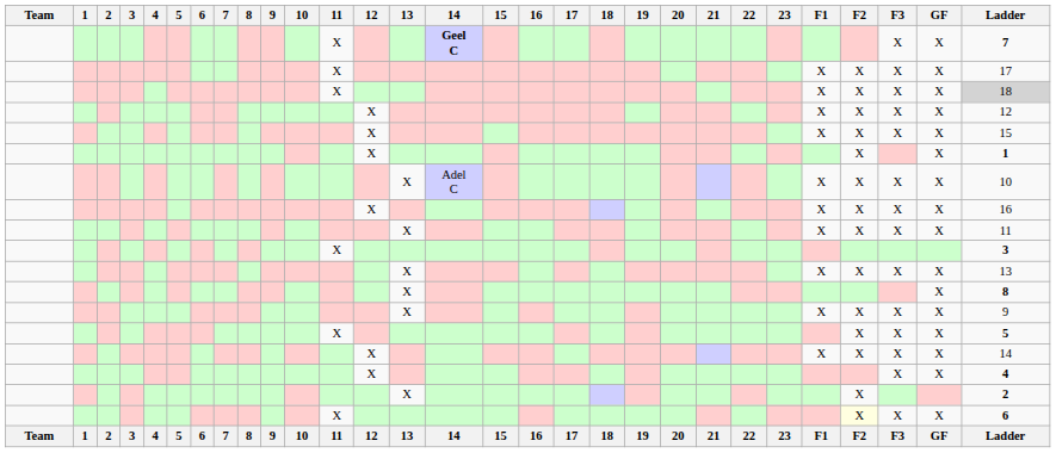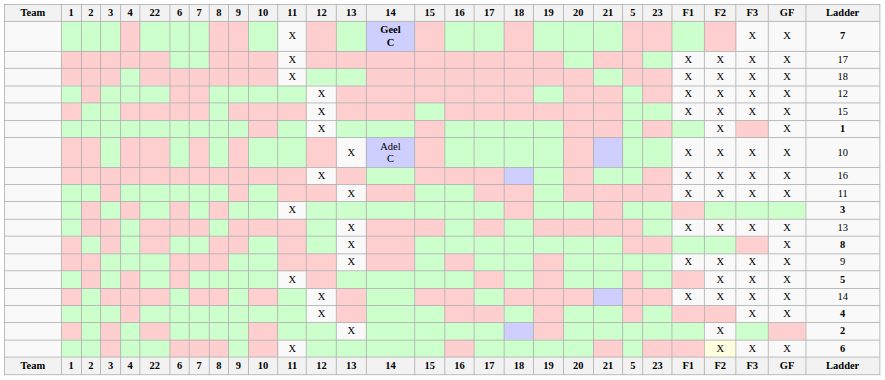 <table class="wikitable sortable" style="font-size:85%; text-align:center; width:90%">
 <tr style="vertical-align:top;">
 <th style="vertical-align:middle;">Team</th>
 <th>1</th>
 <th>2</th>
 <th>3</th>
 <th>4</th>
-<th>5</th>
+<th>22</th>
 <th>6</th>
 <th>7</th>
 <th>8</th>
 <th>9</th>
 <th>10</th>
 <th>11</th>
 <th>12</th>
 <th>13</th>
 <th>14</th>
 <th>15</th>
 <th>16</th>
 <th>17</th>
 <th>18</th>
 <th>19</th>
 <th>20</th>
 <th>21</th>
-<th>22</th>
+<th>5</th>
 <th>23</th>
 <th>F1</th>
 <th>F2</th>
 <th>F3</th>
 <th>GF</th>
 <th style="vertical-align:middle;">Ladder</th>
 </tr>
 <tr>
 <td style="text-align:left;"></td>
 <td style="background:#cfc;"></td>
 <td style="background:#cfc;"></td>
 <td style="background:#cfc;"></td>
 <td style="background:#FFCFCF;"></td>
-<td style="background:#FFCFCF;"></td>
+<td style="background:#cfc;"></td>
 <td style="background:#cfc;"></td>
 <td style="background:#cfc;"></td>
 <td style="background:#FFCFCF;"></td>
 <td style="background:#FFCFCF;"></td>
 <td style="background:#cfc;"></td>
 <td>X</td>
 <td style="background:#FFCFCF;"></td>
 <td style="background:#cfc;"></td>
 <td style="background:#CFCFFF;"><strong>Geel<br>C</strong></td>
 <td style="background:#FFCFCF;"></td>
 <td style="background:#cfc;"></td>
 <td style="background:#cfc;"></td>
 <td style="background:#FFCFCF;"></td>
 <td style="background:#cfc;"></td>
 <td style="background:#cfc;"></td>
 <td style="background:#cfc;"></td>
-<td style="background:#cfc;"></td>
+<td style="background:#FFCFCF;"></td>
 <td style="background:#FFCFCF;"></td>
 <td style="background:#cfc;"></td>
 <td style="background:#FFCFCF;"></td>
 <td>X</td>
 <td>X</td>
 <td style="text-align:center;"><strong>7</strong></td>
 </tr>
 <tr>
 <td style="text-align:left;"></td>
 <td style="background:#FFCFCF;"></td>
 <td style="background:#FFCFCF;"></td>
 <td style="background:#FFCFCF;"></td>
 <td style="background:#FFCFCF;"></td>
 <td style="background:#FFCFCF;"></td>
 <td style="background:#cfc;"></td>
 <td style="background:#cfc;"></td>
 <td style="background:#FFCFCF;"></td>
 <td style="background:#FFCFCF;"></td>
 <td style="background:#FFCFCF;"></td>
 <td>X</td>
 <td style="background:#FFCFCF;"></td>
 <td style="background:#FFCFCF;"></td>
 <td style="background:#FFCFCF;"></td>
 <td style="background:#FFCFCF;"></td>
 <td style="background:#FFCFCF;"></td>
 <td style="background:#FFCFCF;"></td>
 <td style="background:#FFCFCF;"></td>
 <td style="background:#FFCFCF;"></td>
 <td style="background:#cfc;"></td>
 <td style="background:#FFCFCF;"></td>
 <td style="background:#FFCFCF;"></td>
 <td style="background:#cfc;"></td>
 <td>X</td>
 <td>X</td>
 <td>X</td>
 <td>X</td>
 <td style="text-align:center;">17</td>
 </tr>
 <tr>
 <td style="text-align:left;"></td>
 <td style="background:#FFCFCF;"></td>
 <td style="background:#FFCFCF;"></td>
 <td style="background:#FFCFCF;"></td>
 <td style="background:#cfc;"></td>
 <td style="background:#FFCFCF;"></td>
 <td style="background:#FFCFCF;"></td>
 <td style="background:#FFCFCF;"></td>
 <td style="background:#FFCFCF;"></td>
 <td style="background:#FFCFCF;"></td>
 <td style="background:#FFCFCF;"></td>
 <td>X</td>
 <td style="background:#cfc;"></td>
 <td style="background:#cfc;"></td>
 <td style="background:#FFCFCF;"></td>
 <td style="background:#FFCFCF;"></td>
 <td style="background:#FFCFCF;"></td>
 <td style="background:#FFCFCF;"></td>
 <td style="background:#FFCFCF;"></td>
 <td style="background:#FFCFCF;"></td>
 <td style="background:#FFCFCF;"></td>
 <td style="background:#cfc;"></td>
 <td style="background:#FFCFCF;"></td>
 <td style="background:#FFCFCF;"></td>
 <td>X</td>
 <td>X</td>
 <td>X</td>
 <td>X</td>
-<td style="background: lightgrey; text-align:center;">18</td>
+<td style="text-align:center;">18</td>
 </tr>
 <tr>
 <td style="text-align:left;"></td>
 <td style="background:#cfc;"></td>
 <td style="background:#FFCFCF;"></td>
 <td style="background:#cfc;"></td>
 <td style="background:#cfc;"></td>
 <td style="background:#cfc;"></td>
 <td style="background:#FFCFCF;"></td>
 <td style="background:#FFCFCF;"></td>
 <td style="background:#cfc;"></td>
 <td style="background:#cfc;"></td>
 <td style="background:#cfc;"></td>
 <td style="background:#cfc;"></td>
 <td>X</td>
 <td style="background:#FFCFCF;"></td>
 <td style="background:#FFCFCF;"></td>
 <td style="background:#FFCFCF;"></td>
 <td style="background:#FFCFCF;"></td>
 <td style="background:#FFCFCF;"></td>
 <td style="background:#FFCFCF;"></td>
 <td style="background:#cfc;"></td>
 <td style="background:#FFCFCF;"></td>
 <td style="background:#FFCFCF;"></td>
 <td style="background:#cfc;"></td>
 <td style="background:#FFCFCF;"></td>
 <td>X</td>
 <td>X</td>
 <td>X</td>
 <td>X</td>
 <td style="text-align:center;">12</td>
 </tr>
 <tr>
 <td style="text-align:left;"></td>
 <td style="background:#FFCFCF;"></td>
 <td style="background:#cfc;"></td>
 <td style="background:#cfc;"></td>
 <td style="background:#FFCFCF;"></td>
-<td style="background:#cfc;"></td>
+<td style="background:#FFCFCF;"></td>
 <td style="background:#FFCFCF;"></td>
 <td style="background:#FFCFCF;"></td>
 <td style="background:#cfc;"></td>
 <td style="background:#FFCFCF;"></td>
 <td style="background:#FFCFCF;"></td>
 <td style="background:#FFCFCF;"></td>
 <td>X</td>
 <td style="background:#FFCFCF;"></td>
 <td style="background:#FFCFCF;"></td>
 <td style="background:#cfc;"></td>
 <td style="background:#FFCFCF;"></td>
 <td style="background:#FFCFCF;"></td>
 <td style="background:#FFCFCF;"></td>
 <td style="background:#FFCFCF;"></td>
 <td style="background:#FFCFCF;"></td>
 <td style="background:#FFCFCF;"></td>
-<td style="background:#FFCFCF;"></td>
+<td style="background:#cfc;"></td>
 <td style="background:#cfc;"></td>
 <td>X</td>
 <td>X</td>
 <td>X</td>
 <td>X</td>
 <td style="text-align:center;">15</td>
 </tr>
 <tr>
 <td style="text-align:left;"></td>
 <td style="background:#cfc;"></td>
 <td style="background:#cfc;"></td>
 <td style="background:#cfc;"></td>
 <td style="background:#cfc;"></td>
 <td style="background:#cfc;"></td>
 <td style="background:#cfc;"></td>
 <td style="background:#cfc;"></td>
 <td style="background:#cfc;"></td>
 <td style="background:#cfc;"></td>
 <td style="background:#FFCFCF;"></td>
 <td style="background:#cfc;"></td>
 <td>X</td>
 <td style="background:#cfc;"></td>
 <td style="background:#cfc;"></td>
 <td style="background:#FFCFCF;"></td>
 <td style="background:#cfc;"></td>
 <td style="background:#cfc;"></td>
 <td style="background:#cfc;"></td>
 <td style="background:#cfc;"></td>
 <td style="background:#FFCFCF;"></td>
 <td style="background:#FFCFCF;"></td>
 <td style="background:#cfc;"></td>
 <td style="background:#FFCFCF;"></td>
 <td style="background:#cfc;"></td>
 <td>X</td>
 <td style="background:#FFCFCF;"></td>
 <td>X</td>
 <td style="text-align:center;"><strong>1</strong></td>
 </tr>
 <tr>
 <td style="text-align:left;"></td>
 <td style="background:#FFCFCF;"></td>
 <td style="background:#FFCFCF;"></td>
 <td style="background:#cfc;"></td>
 <td style="background:#FFCFCF;"></td>
-<td style="background:#cfc;"></td>
+<td style="background:#FFCFCF;"></td>
 <td style="background:#cfc;"></td>
 <td style="background:#FFCFCF;"></td>
 <td style="background:#cfc;"></td>
 <td style="background:#FFCFCF;"></td>
 <td style="background:#cfc;"></td>
 <td style="background:#cfc;"></td>
 <td style="background:#FFCFCF;"></td>
 <td>X</td>
 <td style="background:#CFCFFF;">Adel<br>C</td>
 <td style="background:#FFCFCF;"></td>
 <td style="background:#cfc;"></td>
 <td style="background:#cfc;"></td>
 <td style="background:#cfc;"></td>
 <td style="background:#cfc;"></td>
 <td style="background:#FFCFCF;"></td>
 <td style="background:#CFCFFF;"></td>
-<td style="background:#FFCFCF;"></td>
+<td style="background:#cfc;"></td>
 <td style="background:#cfc;"></td>
 <td>X</td>
 <td>X</td>
 <td>X</td>
 <td>X</td>
 <td style="text-align:center;">10</td>
 </tr>
 <tr>
 <td style="text-align:left;"></td>
 <td style="background:#FFCFCF;"></td>
 <td style="background:#FFCFCF;"></td>
 <td style="background:#FFCFCF;"></td>
 <td style="background:#FFCFCF;"></td>
-<td style="background:#cfc;"></td>
+<td style="background:#FFCFCF;"></td>
 <td style="background:#FFCFCF;"></td>
 <td style="background:#FFCFCF;"></td>
 <td style="background:#FFCFCF;"></td>
 <td style="background:#FFCFCF;"></td>
 <td style="background:#FFCFCF;"></td>
 <td style="background:#FFCFCF;"></td>
 <td>X</td>
 <td style="background:#FFCFCF;"></td>
 <td style="background:#cfc;"></td>
 <td style="background:#FFCFCF;"></td>
 <td style="background:#FFCFCF;"></td>
 <td style="background:#FFCFCF;"></td>
 <td style="background:#CFCFFF;"></td>
 <td style="background:#cfc;"></td>
 <td style="background:#FFCFCF;"></td>
 <td style="background:#cfc;"></td>
-<td style="background:#FFCFCF;"></td>
+<td style="background:#cfc;"></td>
 <td style="background:#FFCFCF;"></td>
 <td>X</td>
 <td>X</td>
 <td>X</td>
 <td>X</td>
 <td style="text-align:center;">16</td>
 </tr>
 <tr>
 <td style="text-align:left;"></td>
 <td style="background:#cfc;"></td>
 <td style="background:#cfc;"></td>
 <td style="background:#FFCFCF;"></td>
 <td style="background:#cfc;"></td>
-<td style="background:#FFCFCF;"></td>
+<td style="background:#cfc;"></td>
 <td style="background:#cfc;"></td>
 <td style="background:#cfc;"></td>
 <td style="background:#cfc;"></td>
 <td style="background:#FFCFCF;"></td>
 <td style="background:#cfc;"></td>
 <td style="background:#FFCFCF;"></td>
 <td style="background:#FFCFCF;"></td>
 <td>X</td>
 <td style="background:#FFCFCF;"></td>
 <td style="background:#cfc;"></td>
 <td style="background:#cfc;"></td>
 <td style="background:#FFCFCF;"></td>
 <td style="background:#FFCFCF;"></td>
 <td style="background:#cfc;"></td>
 <td style="background:#FFCFCF;"></td>
 <td style="background:#FFCFCF;"></td>
-<td style="background:#cfc;"></td>
+<td style="background:#FFCFCF;"></td>
 <td style="background:#FFCFCF;"></td>
 <td>X</td>
 <td>X</td>
 <td>X</td>
 <td>X</td>
 <td style="text-align:center;">11</td>
 </tr>
 <tr>
 <td style="text-align:left;"></td>
 <td style="background:#cfc;"></td>
 <td style="background:#FFCFCF;"></td>
 <td style="background:#cfc;"></td>
 <td style="background:#FFCFCF;"></td>
 <td style="background:#cfc;"></td>
 <td style="background:#FFCFCF;"></td>
 <td style="background:#cfc;"></td>
 <td style="background:#FFCFCF;"></td>
 <td style="background:#cfc;"></td>
 <td style="background:#cfc;"></td>
 <td>X</td>
 <td style="background:#cfc;"></td>
 <td style="background:#cfc;"></td>
 <td style="background:#cfc;"></td>
 <td style="background:#cfc;"></td>
 <td style="background:#cfc;"></td>
 <td style="background:#cfc;"></td>
 <td style="background:#FFCFCF;"></td>
 <td style="background:#cfc;"></td>
 <td style="background:#cfc;"></td>
 <td style="background:#FFCFCF;"></td>
 <td style="background:#cfc;"></td>
 <td style="background:#cfc;"></td>
 <td style="background:#FFCFCF;"></td>
 <td style="background:#cfc;"></td>
 <td style="background:#cfc;"></td>
 <td style="background:#cfc;"></td>
 <td style="text-align:center;"><strong>3</strong></td>
 </tr>
 <tr>
 <td style="text-align:left;"></td>
 <td style="background:#cfc;"></td>
 <td style="background:#FFCFCF;"></td>
 <td style="background:#FFCFCF;"></td>
 <td style="background:#cfc;"></td>
 <td style="background:#FFCFCF;"></td>
 <td style="background:#FFCFCF;"></td>
 <td style="background:#FFCFCF;"></td>
 <td style="background:#cfc;"></td>
 <td style="background:#FFCFCF;"></td>
 <td style="background:#FFCFCF;"></td>
 <td style="background:#FFCFCF;"></td>
 <td style="background:#cfc;"></td>
 <td>X</td>
 <td style="background:#FFCFCF;"></td>
 <td style="background:#FFCFCF;"></td>
 <td style="background:#cfc;"></td>
 <td style="background:#FFCFCF;"></td>
 <td style="background:#cfc;"></td>
 <td style="background:#FFCFCF;"></td>
 <td style="background:#FFCFCF;"></td>
 <td style="background:#FFCFCF;"></td>
 <td style="background:#FFCFCF;"></td>
 <td style="background:#cfc;"></td>
 <td>X</td>
 <td>X</td>
 <td>X</td>
 <td>X</td>
 <td style="text-align:center;">13</td>
 </tr>
 <tr>
 <td style="text-align:left;"></td>
 <td style="background:#FFCFCF;"></td>
 <td style="background:#cfc;"></td>
 <td style="background:#FFCFCF;"></td>
 <td style="background:#cfc;"></td>
 <td style="background:#FFCFCF;"></td>
 <td style="background:#cfc;"></td>
 <td style="background:#cfc;"></td>
 <td style="background:#FFCFCF;"></td>
 <td style="background:#FFCFCF;"></td>
 <td style="background:#cfc;"></td>
 <td style="background:#FFCFCF;"></td>
 <td style="background:#cfc;"></td>
 <td>X</td>
 <td style="background:#FFCFCF;"></td>
 <td style="background:#cfc;"></td>
 <td style="background:#cfc;"></td>
 <td style="background:#cfc;"></td>
 <td style="background:#cfc;"></td>
 <td style="background:#cfc;"></td>
 <td style="background:#cfc;"></td>
 <td style="background:#cfc;"></td>
 <td style="background:#FFCFCF;"></td>
 <td style="background:#FFCFCF;"></td>
 <td style="background:#cfc;"></td>
 <td style="background:#cfc;"></td>
 <td style="background:#FFCFCF;"></td>
 <td>X</td>
 <td style="text-align:center;"><strong>8</strong></td>
 </tr>
 <tr>
 <td style="text-align:left;"></td>
 <td style="background:#FFCFCF;"></td>
 <td style="background:#FFCFCF;"></td>
 <td style="background:#cfc;"></td>
 <td style="background:#cfc;"></td>
 <td style="background:#cfc;"></td>
 <td style="background:#FFCFCF;"></td>
 <td style="background:#FFCFCF;"></td>
 <td style="background:#FFCFCF;"></td>
 <td style="background:#cfc;"></td>
 <td style="background:#cfc;"></td>
 <td style="background:#FFCFCF;"></td>
 <td style="background:#FFCFCF;"></td>
 <td>X</td>
 <td style="background:#FFCFCF;"></td>
 <td style="background:#cfc;"></td>
 <td style="background:#FFCFCF;"></td>
 <td style="background:#cfc;"></td>
 <td style="background:#cfc;"></td>
 <td style="background:#FFCFCF;"></td>
 <td style="background:#cfc;"></td>
 <td style="background:#cfc;"></td>
 <td style="background:#cfc;"></td>
 <td style="background:#cfc;"></td>
 <td>X</td>
 <td>X</td>
 <td>X</td>
 <td>X</td>
 <td style="text-align:center;">9</td>
 </tr>
 <tr>
 <td style="text-align:left;"></td>
 <td style="background:#cfc;"></td>
 <td style="background:#FFCFCF;"></td>
 <td style="background:#cfc;"></td>
 <td style="background:#FFCFCF;"></td>
-<td style="background:#FFCFCF;"></td>
+<td style="background:#cfc;"></td>
 <td style="background:#FFCFCF;"></td>
 <td style="background:#cfc;"></td>
 <td style="background:#cfc;"></td>
 <td style="background:#cfc;"></td>
 <td style="background:#cfc;"></td>
 <td>X</td>
 <td style="background:#FFCFCF;"></td>
 <td style="background:#cfc;"></td>
 <td style="background:#cfc;"></td>
 <td style="background:#cfc;"></td>
 <td style="background:#cfc;"></td>
 <td style="background:#FFCFCF;"></td>
 <td style="background:#cfc;"></td>
 <td style="background:#FFCFCF;"></td>
 <td style="background:#cfc;"></td>
 <td style="background:#cfc;"></td>
-<td style="background:#cfc;"></td>
+<td style="background:#FFCFCF;"></td>
 <td style="background:#cfc;"></td>
 <td style="background:#FFCFCF;"></td>
 <td>X</td>
 <td>X</td>
 <td>X</td>
 <td style="text-align:center;"><strong>5</strong></td>
 </tr>
 <tr>
 <td style="text-align:left;"></td>
 <td style="background:#FFCFCF;"></td>
 <td style="background:#cfc;"></td>
 <td style="background:#FFCFCF;"></td>
 <td style="background:#FFCFCF;"></td>
 <td style="background:#FFCFCF;"></td>
 <td style="background:#cfc;"></td>
 <td style="background:#FFCFCF;"></td>
 <td style="background:#FFCFCF;"></td>
 <td style="background:#cfc;"></td>
 <td style="background:#FFCFCF;"></td>
 <td style="background:#cfc;"></td>
 <td>X</td>
 <td style="background:#FFCFCF;"></td>
 <td style="background:#cfc;"></td>
 <td style="background:#FFCFCF;"></td>
 <td style="background:#FFCFCF;"></td>
 <td style="background:#cfc;"></td>
 <td style="background:#FFCFCF;"></td>
 <td style="background:#FFCFCF;"></td>
 <td style="background:#FFCFCF;"></td>
 <td style="background:#CFCFFF;"></td>
 <td style="background:#FFCFCF;"></td>
 <td style="background:#FFCFCF;"></td>
 <td>X</td>
 <td>X</td>
 <td>X</td>
 <td>X</td>
 <td style="text-align:center;">14</td>
 </tr>
 <tr>
 <td style="text-align:left;"></td>
 <td style="background:#cfc;"></td>
 <td style="background:#cfc;"></td>
 <td style="background:#cfc;"></td>
 <td style="background:#FFCFCF;"></td>
-<td style="background:#FFCFCF;"></td>
+<td style="background:#cfc;"></td>
 <td style="background:#cfc;"></td>
 <td style="background:#cfc;"></td>
 <td style="background:#cfc;"></td>
 <td style="background:#cfc;"></td>
 <td style="background:#cfc;"></td>
 <td style="background:#cfc;"></td>
 <td>X</td>
 <td style="background:#FFCFCF;"></td>
 <td style="background:#cfc;"></td>
 <td style="background:#cfc;"></td>
 <td style="background:#FFCFCF;"></td>
 <td style="background:#FFCFCF;"></td>
 <td style="background:#cfc;"></td>
 <td style="background:#FFCFCF;"></td>
 <td style="background:#cfc;"></td>
 <td style="background:#cfc;"></td>
-<td style="background:#cfc;"></td>
+<td style="background:#FFCFCF;"></td>
 <td style="background:#cfc;"></td>
 <td style="background:#FFCFCF;"></td>
 <td style="background:#FFCFCF;"></td>
 <td>X</td>
 <td>X</td>
 <td style="text-align:center;"><strong>4</strong></td>
 </tr>
 <tr>
 <td style="text-align:left;"></td>
 <td style="background:#FFCFCF;"></td>
 <td style="background:#cfc;"></td>
 <td style="background:#FFCFCF;"></td>
 <td style="background:#cfc;"></td>
-<td style="background:#cfc;"></td>
+<td style="background:#FFCFCF;"></td>
 <td style="background:#cfc;"></td>
 <td style="background:#cfc;"></td>
 <td style="background:#cfc;"></td>
 <td style="background:#cfc;"></td>
 <td style="background:#FFCFCF;"></td>
 <td style="background:#cfc;"></td>
 <td style="background:#cfc;"></td>
 <td>X</td>
 <td style="background:#cfc;"></td>
 <td style="background:#cfc;"></td>
 <td style="background:#cfc;"></td>
 <td style="background:#cfc;"></td>
 <td style="background:#CFCFFF;"></td>
 <td style="background:#FFCFCF;"></td>
 <td style="background:#cfc;"></td>
 <td style="background:#cfc;"></td>
-<td style="background:#FFCFCF;"></td>
+<td style="background:#cfc;"></td>
 <td style="background:#cfc;"></td>
 <td style="background:#cfc;"></td>
 <td>X</td>
 <td style="background:#cfc;"></td>
 <td style="background:#FFCFCF;"></td>
 <td style="text-align:center;"><strong>2</strong></td>
 </tr>
 <tr>
 <td style="text-align:left;"></td>
 <td style="background:#cfc;"></td>
 <td style="background:#cfc;"></td>
 <td style="background:#FFCFCF;"></td>
 <td style="background:#cfc;"></td>
 <td style="background:#cfc;"></td>
 <td style="background:#FFCFCF;"></td>
 <td style="background:#FFCFCF;"></td>
 <td style="background:#FFCFCF;"></td>
 <td style="background:#cfc;"></td>
 <td style="background:#FFCFCF;"></td>
 <td>X</td>
 <td style="background:#cfc;"></td>
 <td style="background:#cfc;"></td>
 <td style="background:#cfc;"></td>
 <td style="background:#cfc;"></td>
 <td style="background:#FFCFCF;"></td>
 <td style="background:#cfc;"></td>
 <td style="background:#cfc;"></td>
 <td style="background:#cfc;"></td>
 <td style="background:#cfc;"></td>
 <td style="background:#FFCFCF;"></td>
 <td style="background:#cfc;"></td>
 <td style="background:#FFCFCF;"></td>
 <td style="background:#FFCFCF;"></td>
 <td style="background: lightyellow;">X</td>
 <td>X</td>
 <td>X</td>
 <td style="text-align:center;"><strong>6</strong></td>
 </tr>
 <tr style="vertical-align:top;">
 <th style="vertical-align:middle;">Team</th>
 <th>1</th>
 <th>2</th>
 <th>3</th>
 <th>4</th>
-<th>5</th>
+<th>22</th>
 <th>6</th>
 <th>7</th>
 <th>8</th>
 <th>9</th>
 <th>10</th>
 <th>11</th>
 <th>12</th>
 <th>13</th>
 <th>14</th>
 <th>15</th>
 <th>16</th>
 <th>17</th>
 <th>18</th>
 <th>19</th>
 <th>20</th>
 <th>21</th>
-<th>22</th>
+<th>5</th>
 <th>23</th>
 <th>F1</th>
 <th>F2</th>
 <th>F3</th>
 <th>GF</th>
 <th style="vertical-align:middle;">Ladder</th>
 </tr>
 </table>
